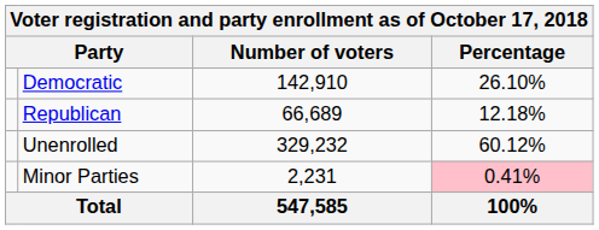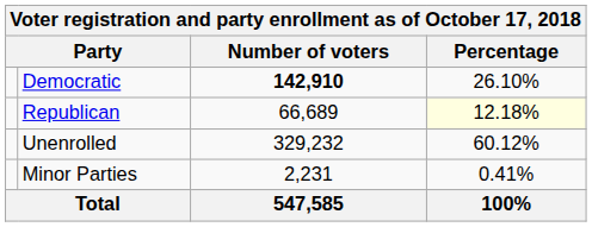 <table class=wikitable>
 <tr>
 <th colspan = 6>Voter registration and party enrollment as of October 17, 2018</th>
 </tr>
 <tr>
 <th colspan = 2>Party</th>
 <th>Number of voters</th>
 <th>Percentage</th>
 </tr>
 <tr>
 <td></td>
 <td><a href='#'>Democratic</a></td>
-<td style="text-align:center;">142,910</td>
+<td style="text-align:center;"><strong>142,910</strong></td>
 <td style="text-align:center;">26.10%</td>
 </tr>
 <tr>
 <td></td>
 <td><a href='#'>Republican</a></td>
 <td style="text-align:center;">66,689</td>
-<td style="text-align:center;">12.18%</td>
+<td style="background: lightyellow; text-align:center;">12.18%</td>
 </tr>
 <tr>
 <td></td>
 <td>Unenrolled</td>
 <td style="text-align:center;">329,232</td>
 <td style="text-align:center;">60.12%</td>
 </tr>
 <tr>
 <td></td>
 <td>Minor Parties</td>
 <td style="text-align:center;">2,231</td>
-<td style="background: pink; text-align:center;">0.41%</td>
+<td style="text-align:center;">0.41%</td>
 </tr>
 <tr>
 <th colspan = 2>Total</th>
 <th style="text-align:center;">547,585</th>
 <th style="text-align:center;">100%</th>
 </tr>
 </table>
